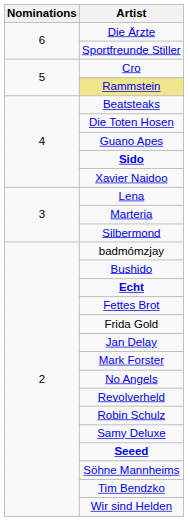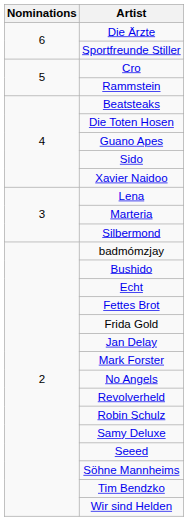 <table class="wikitable" style="text-align:center;">
 <tr>
 <th scope="col" width="55">Nominations</th>
 <th scope="col">Artist</th>
 </tr>
 <tr>
 <td rowspan=2 style="text-align:center">6</td>
 <td><a href='#'>Die Ärzte</a></td>
 </tr>
 <tr>
 <td><a href='#'>Sportfreunde Stiller</a></td>
 </tr>
 <tr>
 <td rowspan=2 style="text-align:center">5</td>
 <td><a href='#'>Cro</a></td>
 </tr>
 <tr>
-<td style="background: khaki;"><a href='#'>Rammstein</a></td>
+<td><a href='#'>Rammstein</a></td>
 </tr>
 <tr>
 <td rowspan=5 style="text-align:center">4</td>
 <td><a href='#'>Beatsteaks</a></td>
 </tr>
 <tr>
 <td><a href='#'>Die Toten Hosen</a></td>
 </tr>
 <tr>
 <td><a href='#'>Guano Apes</a></td>
 </tr>
 <tr>
-<td><strong><a href='#'>Sido</a></strong></td>
+<td><a href='#'>Sido</a></td>
 </tr>
 <tr>
 <td><a href='#'>Xavier Naidoo</a></td>
 </tr>
 <tr>
 <td rowspan=3 style="text-align:center">3</td>
 <td><a href='#'>Lena</a></td>
 </tr>
 <tr>
 <td><a href='#'>Marteria</a></td>
 </tr>
 <tr>
 <td><a href='#'>Silbermond</a></td>
 </tr>
 <tr>
 <td rowspan=15 style="text-align:center">2</td>
 <td>badmómzjay</td>
 </tr>
 <tr>
 <td><a href='#'>Bushido</a></td>
 </tr>
 <tr>
-<td><strong><a href='#'>Echt</a></strong></td>
+<td><a href='#'>Echt</a></td>
 </tr>
 <tr>
 <td><a href='#'>Fettes Brot</a></td>
 </tr>
 <tr>
 <td>Frida Gold</td>
 </tr>
 <tr>
 <td><a href='#'>Jan Delay</a></td>
 </tr>
 <tr>
 <td><a href='#'>Mark Forster</a></td>
 </tr>
 <tr>
 <td><a href='#'>No Angels</a></td>
 </tr>
 <tr>
 <td><a href='#'>Revolverheld</a></td>
 </tr>
 <tr>
 <td><a href='#'>Robin Schulz</a></td>
 </tr>
 <tr>
 <td><a href='#'>Samy Deluxe</a></td>
 </tr>
 <tr>
-<td><strong><a href='#'>Seeed</a></strong></td>
+<td><a href='#'>Seeed</a></td>
 </tr>
 <tr>
 <td><a href='#'>Söhne Mannheims</a></td>
 </tr>
 <tr>
 <td><a href='#'>Tim Bendzko</a></td>
 </tr>
 <tr>
 <td><a href='#'>Wir sind Helden</a></td>
 </tr>
 </table>
